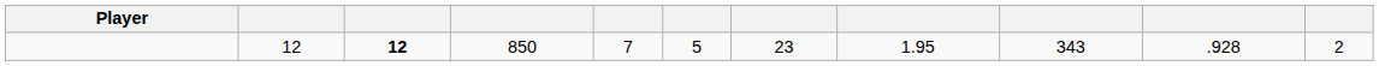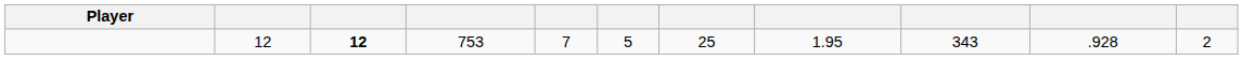 <table class="wikitable sortable" style="width:100%; text-align:center;">
 <tr>
 <th>Player</th>
 <th></th>
 <th></th>
 <th></th>
 <th></th>
 <th></th>
 <th></th>
 <th></th>
 <th></th>
 <th></th>
 <th></th>
 </tr>
 <tr>
 <td style=white-space:nowrap></td>
 <td>12</td>
 <td><strong>12</strong></td>
-<td>850</td>
+<td>753</td>
 <td>7</td>
 <td>5</td>
-<td>23</td>
+<td>25</td>
 <td>1.95</td>
 <td>343</td>
 <td>.928</td>
 <td>2</td>
 </tr>
 </table>
